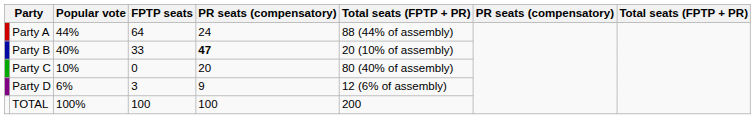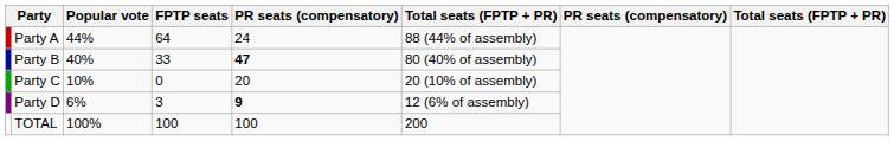 <table class="wikitable">
 <tr>
 <th colspan="2">Party</th>
 <th>Popular vote</th>
 <th>FPTP seats</th>
 <th>PR seats (compensatory)</th>
 <th>Total seats (FPTP + PR)</th>
 <th>PR seats (compensatory)</th>
 <th>Total seats (FPTP + PR)</th>
 </tr>
 <tr>
 <td style="background:#D10000"></td>
 <td>Party A</td>
 <td>44%</td>
 <td>64</td>
 <td>24</td>
 <td>88 (44% of assembly)</td>
 <td rowspan="5"></td>
 <td rowspan="5"></td>
 </tr>
 <tr>
 <td style="background:#0008A5"></td>
 <td>Party B</td>
 <td>40%</td>
 <td>33</td>
 <td><strong>47</strong></td>
-<td>20 (10% of assembly)</td>
+<td>80 (40% of assembly)</td>
 </tr>
 <tr>
 <td style="background:#03AA00"></td>
 <td>Party C</td>
 <td>10%</td>
 <td>0</td>
 <td>20</td>
-<td>80 (40% of assembly)</td>
+<td>20 (10% of assembly)</td>
 </tr>
 <tr>
 <td style="background:#820084"></td>
 <td>Party D</td>
 <td>6%</td>
 <td>3</td>
-<td>9</td>
+<td><strong>9</strong></td>
 <td>12 (6% of assembly)</td>
 </tr>
 <tr>
 <td></td>
 <td>TOTAL</td>
 <td>100%</td>
 <td>100</td>
 <td>100</td>
 <td>200</td>
 </tr>
 </table>
